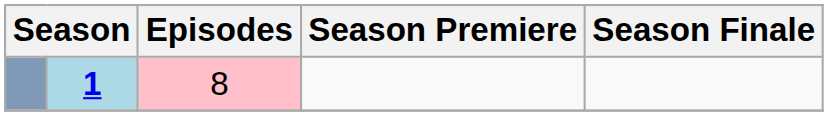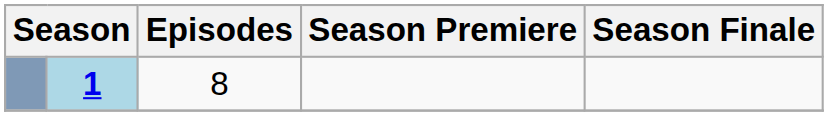 <table class="wikitable">
 <tr>
 <th colspan="2">Season</th>
 <th>Episodes</th>
 <th>Season Premiere</th>
 <th>Season Finale</th>
 </tr>
 <tr>
 <td style="background:#7F99B6; height:5px;"></td>
 <td style="background: lightblue; text-align:center;"><strong><a href='#'>1</a></strong></td>
-<td style="background: pink; text-align:center;">8</td>
+<td style="text-align:center;">8</td>
 <td style="text-align:center;"></td>
 <td style="text-align:center;"></td>
 </tr>
 <tr>
 </tr>
 </table>
